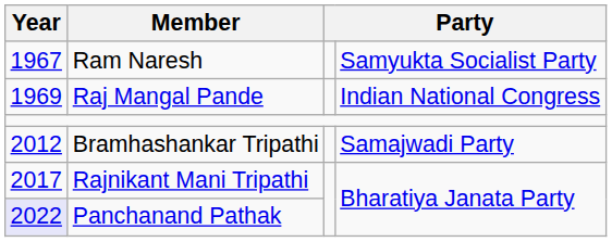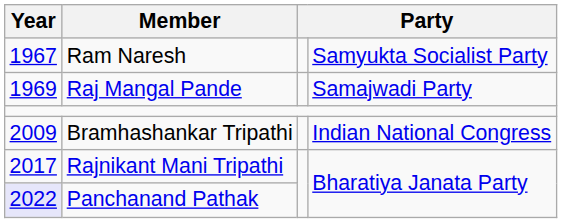 <table class="wikitable">
 <tr>
 <th>Year</th>
 <th>Member</th>
 <th colspan="2">Party</th>
 </tr>
 <tr>
 <td><a href='#'>1967</a></td>
 <td>Ram Naresh</td>
 <td style="background-color: "></td>
 <td><a href='#'>Samyukta Socialist Party</a></td>
 </tr>
 <tr>
 <td><a href='#'>1969</a></td>
 <td><a href='#'>Raj Mangal Pande</a></td>
 <td style="background-color: "></td>
-<td><a href='#'>Indian National Congress</a></td>
+<td><a href='#'>Samajwadi Party</a></td>
 </tr>
 <tr>
 <td colspan="4"></td>
 </tr>
 <tr>
-<td><a href='#'>2012</a></td>
+<td><a href='#'>2009</a></td>
 <td>Bramhashankar Tripathi</td>
 <td style="background-color: "></td>
-<td><a href='#'>Samajwadi Party</a></td>
+<td><a href='#'>Indian National Congress</a></td>
 </tr>
 <tr>
 <td><a href='#'>2017</a></td>
 <td><a href='#'>Rajnikant Mani Tripathi</a></td>
 <td rowspan="2" style="background-color: "></td>
 <td rowspan="2"><a href='#'>Bharatiya Janata Party</a></td>
 </tr>
 <tr>
 <td style="background: lavender;"><a href='#'>2022</a></td>
 <td><a href='#'>Panchanand Pathak</a></td>
 </tr>
 </table>
